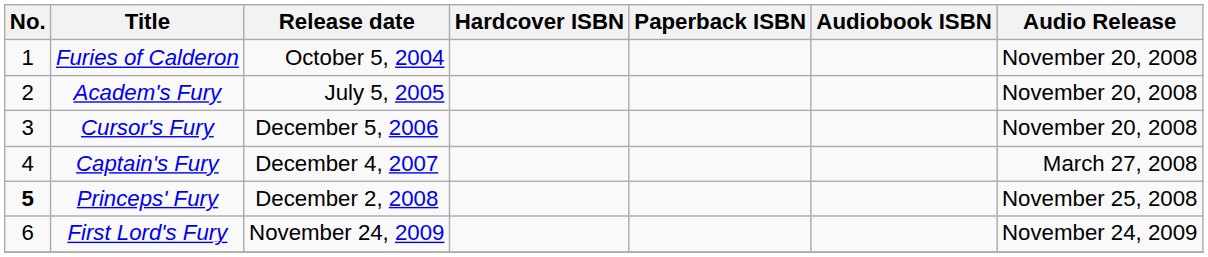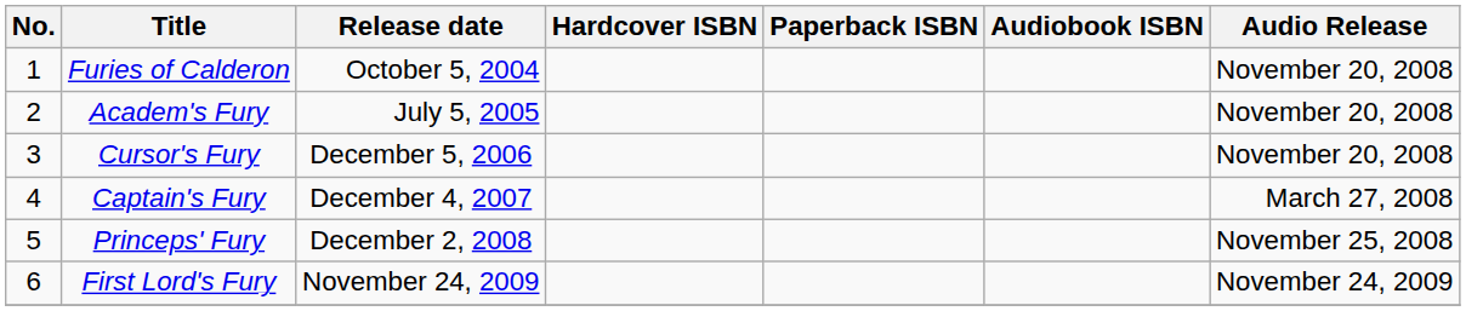 <table class="wikitable" style="text-align:center;">
 <tr>
 <th>No.</th>
 <th>Title</th>
 <th>Release date</th>
 <th>Hardcover ISBN</th>
 <th>Paperback ISBN</th>
 <th>Audiobook ISBN</th>
 <th>Audio Release</th>
 </tr>
 <tr>
 <td>1</td>
 <td><em><a href='#'>Furies of Calderon</a></em></td>
 <td style="text-align:right;">October 5, <a href='#'>2004</a></td>
 <td></td>
 <td></td>
 <td></td>
 <td>November 20, 2008</td>
 </tr>
 <tr>
 <td>2</td>
 <td><em><a href='#'>Academ's Fury</a></em></td>
 <td style="text-align:right;">July 5, <a href='#'>2005</a></td>
 <td></td>
 <td></td>
 <td></td>
 <td>November 20, 2008</td>
 </tr>
 <tr>
 <td>3</td>
 <td><em><a href='#'>Cursor's Fury</a></em></td>
 <td>December 5, <a href='#'>2006</a></td>
 <td></td>
 <td></td>
 <td></td>
 <td>November 20, 2008</td>
 </tr>
 <tr>
 <td>4</td>
 <td><em><a href='#'>Captain's Fury</a></em></td>
 <td>December 4, <a href='#'>2007</a></td>
 <td></td>
 <td></td>
 <td></td>
 <td style="text-align:right;">March 27, 2008</td>
 </tr>
 <tr>
-<td><strong>5</strong></td>
+<td>5</td>
 <td><em><a href='#'>Princeps' Fury</a></em></td>
 <td>December 2, <a href='#'>2008</a></td>
 <td></td>
 <td></td>
 <td></td>
 <td>November 25, 2008</td>
 </tr>
 <tr>
 <td>6</td>
 <td><em><a href='#'>First Lord's Fury</a></em></td>
 <td>November 24, <a href='#'>2009</a></td>
 <td></td>
 <td></td>
 <td></td>
 <td>November 24, 2009</td>
 </tr>
 <tr>
 </tr>
 </table>
